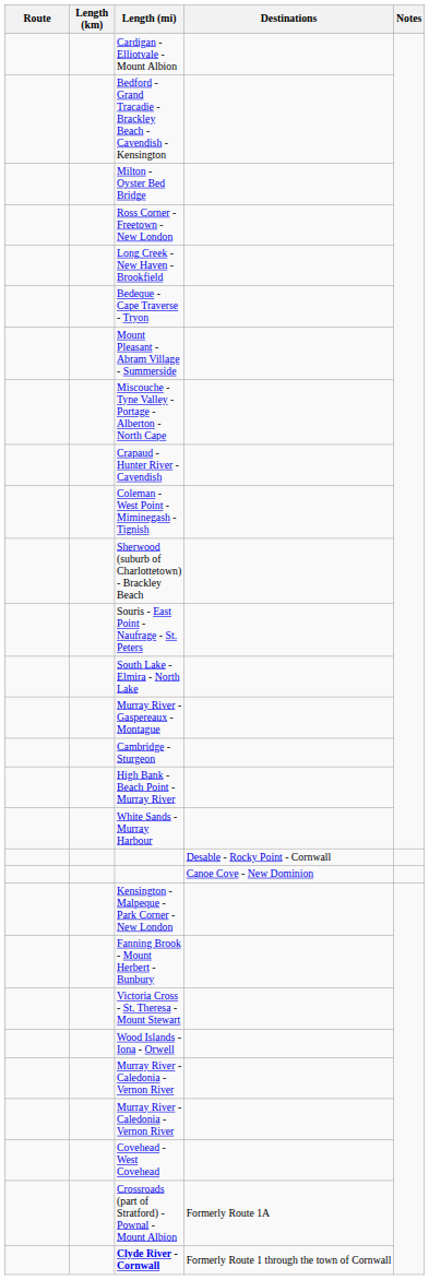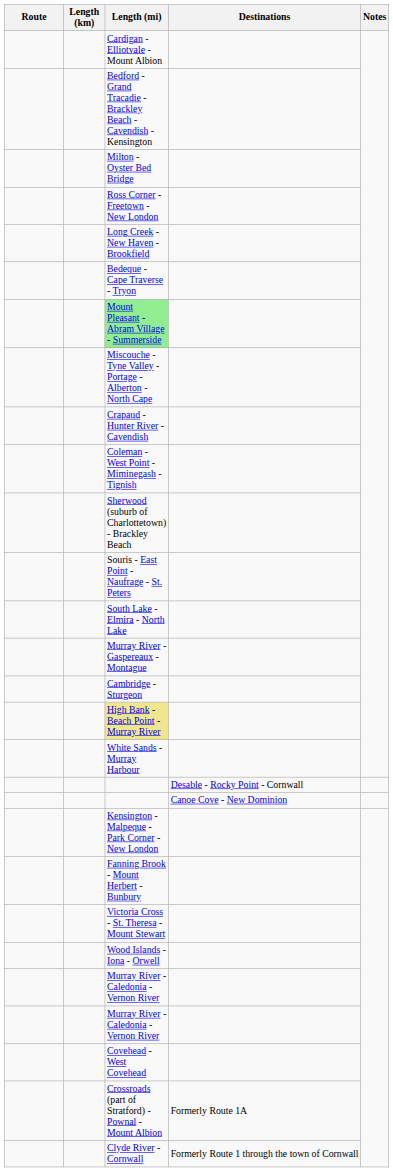 <table class="wikitable">
 <tr>
 <th style="width: 90px;">Route</th>
 <th style="width: 60px;">Length (km)</th>
 <th style="width: 60px;">Length (mi)</th>
 <th>Destinations</th>
 <th>Notes</th>
 </tr>
 <tr>
 <td></td>
 <td></td>
 <td><a href='#'>Cardigan</a> - <a href='#'>Elliotvale</a> - Mount Albion</td>
 <td></td>
 </tr>
 <tr>
 <td></td>
 <td></td>
 <td><a href='#'>Bedford</a> - <a href='#'>Grand Tracadie</a> - <a href='#'>Brackley Beach</a> - <a href='#'>Cavendish</a> - Kensington</td>
 <td></td>
 </tr>
 <tr>
 <td></td>
 <td></td>
 <td><a href='#'>Milton</a> - <a href='#'>Oyster Bed Bridge</a></td>
 <td></td>
 </tr>
 <tr>
 <td></td>
 <td></td>
 <td><a href='#'>Ross Corner</a> - <a href='#'>Freetown</a> - <a href='#'>New London</a></td>
 <td></td>
 </tr>
 <tr>
 <td></td>
 <td></td>
 <td><a href='#'>Long Creek</a> - <a href='#'>New Haven</a> - <a href='#'>Brookfield</a></td>
 <td></td>
 </tr>
 <tr>
 <td></td>
 <td></td>
 <td><a href='#'>Bedeque</a> - <a href='#'>Cape Traverse</a> - <a href='#'>Tryon</a></td>
 <td></td>
 </tr>
 <tr>
 <td></td>
 <td></td>
-<td><a href='#'>Mount Pleasant</a> - <a href='#'>Abram Village</a> - <a href='#'>Summerside</a></td>
+<td style="background: lightgreen;"><a href='#'>Mount Pleasant</a> - <a href='#'>Abram Village</a> - <a href='#'>Summerside</a></td>
 <td></td>
 </tr>
 <tr>
 <td></td>
 <td></td>
 <td><a href='#'>Miscouche</a> - <a href='#'>Tyne Valley</a> - <a href='#'>Portage</a> - <a href='#'>Alberton</a> - <a href='#'>North Cape</a></td>
 <td></td>
 </tr>
 <tr>
 <td></td>
 <td></td>
 <td><a href='#'>Crapaud</a> - <a href='#'>Hunter River</a> - <a href='#'>Cavendish</a></td>
 <td></td>
 </tr>
 <tr>
 <td></td>
 <td></td>
 <td><a href='#'>Coleman</a> - <a href='#'>West Point</a> - <a href='#'>Miminegash</a> - <a href='#'>Tignish</a></td>
 <td></td>
 </tr>
 <tr>
 <td></td>
 <td></td>
 <td><a href='#'>Sherwood</a> (suburb of Charlottetown) -  Brackley Beach</td>
 <td></td>
 </tr>
 <tr>
 <td></td>
 <td></td>
 <td>Souris - <a href='#'>East Point</a> - <a href='#'>Naufrage</a> - <a href='#'>St. Peters</a></td>
 <td></td>
 </tr>
 <tr>
 <td></td>
 <td></td>
 <td><a href='#'>South Lake</a> - <a href='#'>Elmira</a> - <a href='#'>North Lake</a></td>
 <td></td>
 </tr>
 <tr>
 <td></td>
 <td></td>
 <td><a href='#'>Murray River</a> - <a href='#'>Gaspereaux</a> - <a href='#'>Montague</a></td>
 <td></td>
 </tr>
 <tr>
 <td></td>
 <td></td>
 <td><a href='#'>Cambridge</a> - <a href='#'>Sturgeon</a></td>
 <td></td>
 </tr>
 <tr>
 <td></td>
 <td></td>
-<td><a href='#'>High Bank</a> - <a href='#'>Beach Point</a> - <a href='#'>Murray River</a></td>
+<td style="background: khaki;"><a href='#'>High Bank</a> - <a href='#'>Beach Point</a> - <a href='#'>Murray River</a></td>
 <td></td>
 </tr>
 <tr>
 <td></td>
 <td></td>
 <td><a href='#'>White Sands</a> - <a href='#'>Murray Harbour</a></td>
 <td></td>
 </tr>
 <tr>
 <td></td>
 <td></td>
 <td></td>
 <td><a href='#'>Desable</a> - <a href='#'>Rocky Point</a> - Cornwall</td>
 <td></td>
 </tr>
 <tr>
 <td></td>
 <td></td>
 <td></td>
 <td><a href='#'>Canoe Cove</a> - <a href='#'>New Dominion</a></td>
 <td></td>
 </tr>
 <tr>
 <td></td>
 <td></td>
 <td><a href='#'>Kensington</a> - <a href='#'>Malpeque</a> - <a href='#'>Park Corner</a> - <a href='#'>New London</a></td>
 <td></td>
 </tr>
 <tr>
 <td></td>
 <td></td>
 <td><a href='#'>Fanning Brook</a> - <a href='#'>Mount Herbert</a> - <a href='#'>Bunbury</a></td>
 <td></td>
 </tr>
 <tr>
 <td></td>
 <td></td>
 <td><a href='#'>Victoria Cross</a> - <a href='#'>St. Theresa</a> - <a href='#'>Mount Stewart</a></td>
 <td></td>
 </tr>
 <tr>
 <td></td>
 <td></td>
 <td><a href='#'>Wood Islands</a> - <a href='#'>Iona</a> - <a href='#'>Orwell</a></td>
 <td></td>
 </tr>
 <tr>
 <td></td>
 <td></td>
 <td><a href='#'>Murray River</a> - <a href='#'>Caledonia</a> - <a href='#'>Vernon River</a></td>
 <td></td>
 </tr>
 <tr>
 <td></td>
 <td></td>
 <td><a href='#'>Murray River</a> - <a href='#'>Caledonia</a> - <a href='#'>Vernon River</a></td>
 <td></td>
 </tr>
 <tr>
 <td></td>
 <td></td>
 <td><a href='#'>Covehead</a> - <a href='#'>West Covehead</a></td>
 <td></td>
 </tr>
 <tr>
 <td></td>
 <td></td>
 <td><a href='#'>Crossroads</a> (part of Stratford) - <a href='#'>Pownal</a> - <a href='#'>Mount Albion</a></td>
 <td>Formerly Route 1A</td>
 </tr>
 <tr>
 <td></td>
 <td></td>
-<td><strong><a href='#'>Clyde River</a> - <a href='#'>Cornwall</a></strong></td>
+<td><a href='#'>Clyde River</a> - <a href='#'>Cornwall</a></td>
 <td>Formerly Route 1 through the town of Cornwall</td>
 </tr>
 </table>
